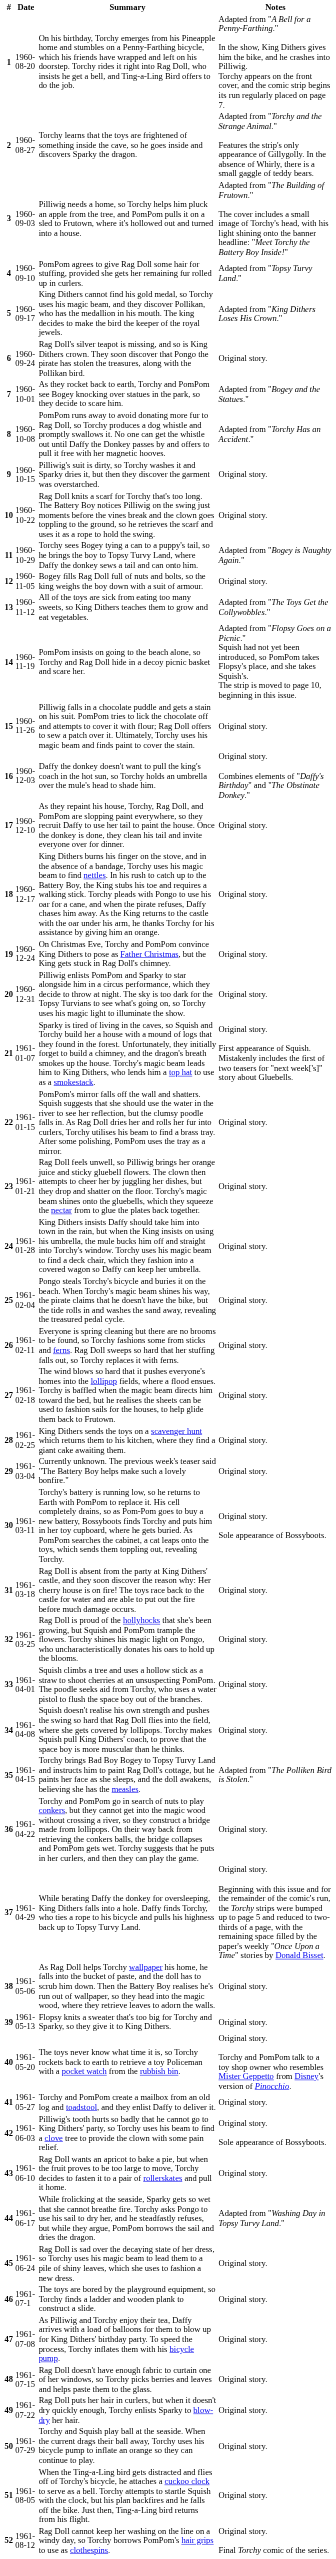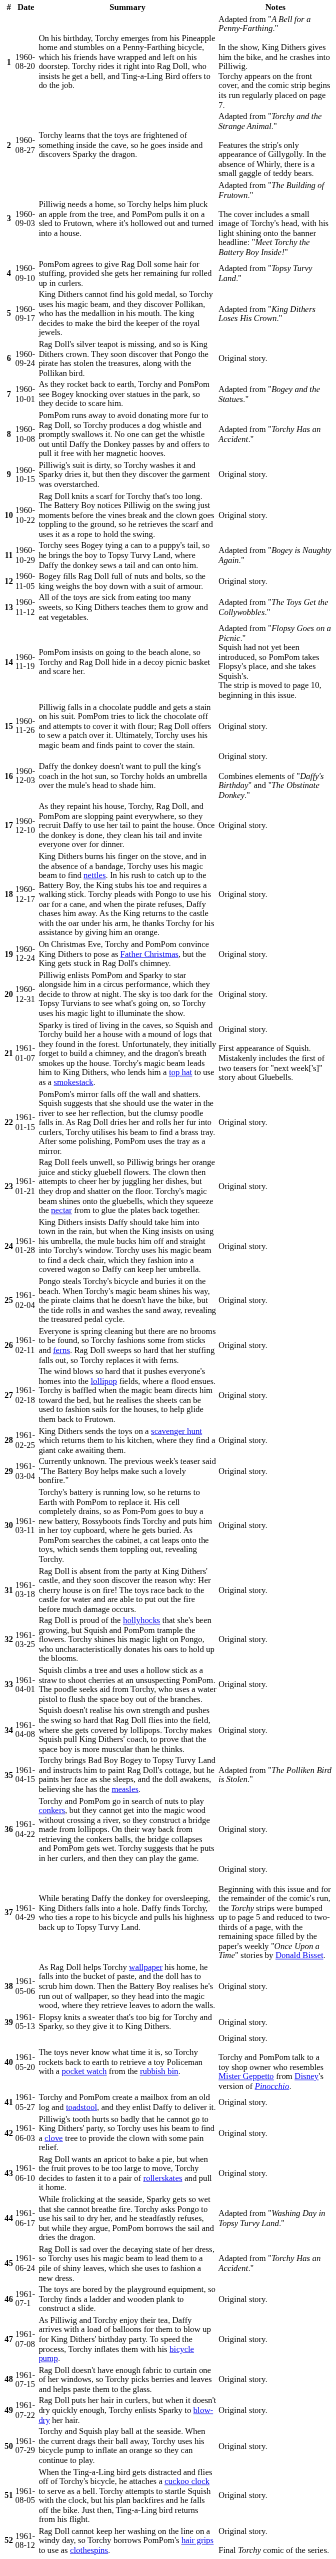 <table>
 <tr>
 <th>#</th>
 <th>Date</th>
 <th>Summary</th>
 <th>Notes</th>
 </tr>
 <tr>
 <th>1</th>
 <td>1960-08-20</td>
 <td>On his birthday, Torchy emerges from his Pineapple home and stumbles on a Penny-Farthing bicycle, which his friends have wrapped and left on his doorstep. Torchy rides it right into Rag Doll, who insists he get a bell, and Ting-a-Ling Bird offers to do the job.</td>
 <td>Adapted from "<em>A Bell for a Penny-Farthing</em>." <br><br>In the show, King Dithers gives him the bike, and he crashes into Pilliwig.<br> Torchy appears on the front cover, and the comic strip begins its run regularly placed on page 7.</td>
 </tr>
 <tr>
 <th>2</th>
 <td>1960-08-27</td>
 <td>Torchy learns that the toys are frightened of something inside the cave, so he goes inside and discovers Sparky the dragon.</td>
 <td>Adapted from "<em>Torchy and the Strange Animal</em>." <br><br>Features the strip's only appearance of Gillygolly.  In the absence of Whirly, there is a small gaggle of teddy bears.</td>
 </tr>
 <tr>
 <th>3</th>
 <td>1960-09-03</td>
 <td>Pilliwig needs a home, so Torchy helps him pluck an apple from the tree, and PomPom pulls it on a sled to Frutown, where it's hollowed out and turned into a house.</td>
 <td>Adapted from "<em>The Building of Frutown</em>."<br><br>The cover includes a small image of Torchy's head, with his light shining onto the banner headline: "<em>Meet Torchy the Battery Boy Inside!</em>"</td>
 </tr>
 <tr>
 <th>4</th>
 <td>1960-09-10</td>
 <td>PomPom agrees to give Rag Doll some hair for stuffing, provided she gets her remaining fur rolled up in curlers.</td>
 <td>Adapted from "<em>Topsy Turvy Land</em>."</td>
 </tr>
 <tr>
 <th>5</th>
 <td>1960-09-17</td>
 <td>King Dithers cannot find his gold medal, so Torchy uses his magic beam, and they discover Pollikan, who has the medallion in his mouth. The king decides to make the bird the keeper of the royal jewels.</td>
 <td>Adapted from "<em>King Dithers Loses His Crown</em>."</td>
 </tr>
 <tr>
 <th>6</th>
 <td>1960-09-24</td>
 <td>Rag Doll's silver teapot is missing, and so is King Dithers crown. They soon discover that Pongo the pirate has stolen the treasures, along with the Pollikan bird.</td>
 <td>Original story.</td>
 </tr>
 <tr>
 <th>7</th>
 <td>1960-10-01</td>
 <td>As they rocket back to earth, Torchy and PomPom see Bogey knocking over statues in the park, so they decide to scare him.</td>
 <td>Adapted from "<em>Bogey and the Statues</em>."</td>
 </tr>
 <tr>
 <th>8</th>
 <td>1960-10-08</td>
 <td>PomPom runs away to avoid donating more fur to Rag Doll, so Torchy produces a dog whistle and promptly swallows it. No one can get the whistle out until Daffy the Donkey passes by and offers to pull it free with her magnetic hooves.</td>
 <td>Adapted from "<em>Torchy Has an Accident</em>."</td>
 </tr>
 <tr>
 <th>9</th>
 <td>1960-10-15</td>
 <td>Pilliwig's suit is dirty, so Torchy washes it and Sparky dries it, but then they discover the garment was overstarched.</td>
 <td>Original story.</td>
 </tr>
 <tr>
 <th>10</th>
 <td>1960-10-22</td>
 <td>Rag Doll knits a scarf for Torchy that's too long. The Battery Boy notices Pilliwig on the swing just moments before the vines break and the clown goes toppling to the ground, so he retrieves the scarf and uses it as a rope to hold the swing.</td>
 <td>Original story.</td>
 </tr>
 <tr>
 <th>11</th>
 <td>1960-10-29</td>
 <td>Torchy sees Bogey tying a can to a puppy's tail, so he brings the boy to Topsy Turvy Land, where Daffy the donkey sews a tail and can onto him.</td>
 <td>Adapted from "<em>Bogey is Naughty Again</em>."</td>
 </tr>
 <tr>
 <th>12</th>
 <td>1960-11-05</td>
 <td>Bogey fills Rag Doll full of nuts and bolts, so the king weighs the boy down with a suit of armour.</td>
 <td>Original story.</td>
 </tr>
 <tr>
 <th>13</th>
 <td>1960-11-12</td>
 <td>All of the toys are sick from eating too many sweets, so King Dithers teaches them to grow and eat vegetables.</td>
 <td>Adapted from "<em>The Toys Get the Collywobbles</em>."</td>
 </tr>
 <tr>
 <th>14</th>
 <td>1960-11-19</td>
 <td>PomPom insists on going to the beach alone, so Torchy and Rag Doll hide in a decoy picnic basket and scare her.</td>
 <td>Adapted from "<em>Flopsy Goes on a Picnic</em>."<br>Squish had not yet been introduced, so PomPom takes Flopsy's place, and she takes Squish's.<br> The strip is moved to page 10, beginning in this issue.</td>
 </tr>
 <tr>
 <th>15</th>
 <td>1960-11-26</td>
 <td>Pilliwig falls in a chocolate puddle and gets a stain on his suit. PomPom tries to lick the chocolate off and attempts to cover it with flour; Rag Doll offers to sew a patch over it. Ultimately, Torchy uses his magic beam and finds paint to cover the stain.</td>
 <td>Original story.</td>
 </tr>
 <tr>
 <th>16</th>
 <td>1960-12-03</td>
 <td>Daffy the donkey doesn't want to pull the king's coach in the hot sun, so Torchy holds an umbrella over the mule's head to shade him.</td>
 <td>Original story.<br><br>Combines elements of "<em>Daffy's Birthday</em>" and "<em>The Obstinate Donkey</em>."</td>
 </tr>
 <tr>
 <th>17</th>
 <td>1960-12-10</td>
 <td>As they repaint his house, Torchy, Rag Doll, and PomPom are slopping paint everywhere, so they recruit Daffy to use her tail to paint the house. Once the donkey is done, they clean his tail and invite everyone over for dinner.</td>
 <td>Original story.</td>
 </tr>
 <tr>
 <th>18</th>
 <td>1960-12-17</td>
 <td>King Dithers burns his finger on the stove, and in the absence of a bandage, Torchy uses his magic beam to find <a href='#'>nettles</a>. In his rush to catch up to the Battery Boy, the King stubs his toe and requires a walking stick. Torchy pleads with Pongo to use his oar for a cane, and when the pirate refuses, Daffy chases him away. As the King returns to the castle with the oar under his arm, he thanks Torchy for his assistance by giving him an orange.</td>
 <td>Original story.</td>
 </tr>
 <tr>
 <th>19</th>
 <td>1960-12-24</td>
 <td>On Christmas Eve, Torchy and PomPom convince King Dithers to pose as <a href='#'>Father Christmas</a>, but the King gets stuck in Rag Doll's chimney.</td>
 <td>Original story.</td>
 </tr>
 <tr>
 <th>20</th>
 <td>1960-12-31</td>
 <td>Pilliwig enlists PomPom and Sparky to star alongside him in a circus performance, which they decide to throw at night. The sky is too dark for the Topsy Turvians to see what's going on, so Torchy uses his magic light to illuminate the show.</td>
 <td>Original story.</td>
 </tr>
 <tr>
 <th>21</th>
 <td>1961-01-07</td>
 <td>Sparky is tired of living in the caves, so Squish and Torchy build her a house with a mound of logs that they found in the forest. Unfortunately, they initially forget to build a chimney, and the dragon's breath smokes up the house. Torchy's magic beam leads him to King Dithers, who lends him a <a href='#'>top hat</a> to use as a <a href='#'>smokestack</a>.</td>
 <td>Original story.<br><br>First appearance of Squish.<br> Mistakenly includes the first of two teasers for "next week['s]" story about Gluebells.</td>
 </tr>
 <tr>
 <th>22</th>
 <td>1961-01-15</td>
 <td>PomPom's mirror falls off the wall and shatters. Squish suggests that she should use the water in the river to see her reflection, but the clumsy poodle falls in. As Rag Doll dries her and rolls her fur into curlers, Torchy utilises his beam to find a brass tray. After some polishing, PomPom uses the tray as a mirror.</td>
 <td>Original story.</td>
 </tr>
 <tr>
 <th>23</th>
 <td>1961-01-21</td>
 <td>Rag Doll feels unwell, so Pilliwig brings her orange juice and sticky gluebell flowers. The clown then attempts to cheer her by juggling her dishes, but they drop and shatter on the floor. Torchy's magic beam shines onto the gluebells, which they squeeze the <a href='#'>nectar</a> from to glue the plates back together.</td>
 <td>Original story.</td>
 </tr>
 <tr>
 <th>24</th>
 <td>1961-01-28</td>
 <td>King Dithers insists Daffy should take him into town in the rain, but when the King insists on using his umbrella, the mule bucks him off and straight into Torchy's window. Torchy uses his magic beam to find a deck chair, which they fashion into a covered wagon so Daffy can keep her umbrella.</td>
 <td>Original story.</td>
 </tr>
 <tr>
 <th>25</th>
 <td>1961-02-04</td>
 <td>Pongo steals Torchy's bicycle and buries it on the beach. When Torchy's magic beam shines his way, the pirate claims that he doesn't have the bike, but the tide rolls in and washes the sand away, revealing the treasured pedal cycle.</td>
 <td>Original story.</td>
 </tr>
 <tr>
 <th>26</th>
 <td>1961-02-11</td>
 <td>Everyone is spring cleaning but there are no brooms to be found, so Torchy fashions some from sticks and <a href='#'>ferns</a>. Rag Doll sweeps so hard that her stuffing falls out, so Torchy replaces it with ferns.</td>
 <td>Original story.</td>
 </tr>
 <tr>
 <th>27</th>
 <td>1961-02-18</td>
 <td>The wind blows so hard that it pushes everyone's homes into the <a href='#'>lollipop</a> fields, where a flood ensues. Torchy is baffled when the magic beam directs him toward the bed, but he realises the sheets can be used to fashion sails for the houses, to help glide them back to Frutown.</td>
 <td>Original story.</td>
 </tr>
 <tr>
 <th>28</th>
 <td>1961-02-25</td>
 <td>King Dithers sends the toys on a <a href='#'>scavenger hunt</a> which returns them to his kitchen, where they find a giant cake awaiting them.</td>
 <td>Original story.</td>
 </tr>
 <tr>
 <th>29</th>
 <td>1961-03-04</td>
 <td>Currently unknown. The previous week's teaser said "The Battery Boy helps make such a lovely bonfire."</td>
 <td>Original story.</td>
 </tr>
 <tr>
 <th>30</th>
 <td>1961-03-11</td>
 <td>Torchy's battery is running low, so he returns to Earth with PomPom to replace it. His cell completely drains, so as Pom-Pom goes to buy a new battery, Bossyboots finds Torchy and puts him in her toy cupboard, where he gets buried. As PomPom searches the cabinet, a cat leaps onto the toys, which sends them toppling out, revealing Torchy.</td>
-<td>Original story.<br><br>Sole appearance of Bossyboots.</td>
+<td>Original story.</td>
 </tr>
 <tr>
 <th>31</th>
 <td>1961-03-18</td>
 <td>Rag Doll is absent from the party at King Dithers' castle, and they soon discover the reason why: Her cherry house is on fire! The toys race back to the castle for water and are able to put out the fire before much damage occurs.</td>
 <td>Original story.</td>
 </tr>
 <tr>
 <th>32</th>
 <td>1961-03-25</td>
 <td>Rag Doll is proud of the <a href='#'>hollyhocks</a> that she's been growing, but Squish and PomPom trample the flowers. Torchy shines his magic light on Pongo, who uncharacteristically donates his oars to hold up the blooms.</td>
 <td>Original story.</td>
 </tr>
 <tr>
 <th>33</th>
 <td>1961-04-01</td>
 <td>Squish climbs a tree and uses a hollow stick as a straw to shoot cherries at an unsuspecting PomPom. The poodle seeks aid from Torchy, who uses a water pistol to flush the space boy out of the branches.</td>
 <td>Original story.</td>
 </tr>
 <tr>
 <th>34</th>
 <td>1961-04-08</td>
 <td>Squish doesn't realise his own strength and pushes the swing so hard that Rag Doll flies into the field, where she gets covered by lollipops. Torchy makes Squish pull King Dithers' coach, to prove that the space boy is more muscular than he thinks.</td>
 <td>Original story.</td>
 </tr>
 <tr>
 <th>35</th>
 <td>1961-04-15</td>
 <td>Torchy brings Bad Boy Bogey to Topsy Turvy Land and instructs him to paint Rag Doll's cottage, but he paints her face as she sleeps, and the doll awakens, believing she has the <a href='#'>measles</a>.</td>
 <td>Adapted from "<em>The Polliken Bird is Stolen</em>."</td>
 </tr>
 <tr>
 <th>36</th>
 <td>1961-04-22</td>
 <td>Torchy and PomPom go in search of nuts to play <a href='#'>conkers</a>, but they cannot get into the magic wood without crossing a river, so they construct a bridge made from lollipops. On their way back from retrieving the conkers balls, the bridge collapses and PomPom gets wet. Torchy suggests that he puts in her curlers, and then they can play the game.</td>
 <td>Original story.</td>
 </tr>
 <tr>
 <th>37</th>
 <td>1961-04-29</td>
 <td>While berating Daffy the donkey for oversleeping, King Dithers falls into a hole. Daffy finds Torchy, who ties a rope to his bicycle and pulls his highness back up to Topsy Turvy Land.</td>
 <td>Original story.<br><br>Beginning with this issue and for the remainder of the comic's run, the <em>Torchy</em> strips were bumped up to page 5 and reduced to two-thirds of a page, with the remaining space filled by the paper's weekly "<em>Once Upon a Time</em>" stories by <a href='#'>Donald Bisset</a>.</td>
 </tr>
 <tr>
 <th>38</th>
 <td>1961-05-06</td>
 <td>As Rag Doll helps Torchy <a href='#'>wallpaper</a> his home, he falls into the bucket of paste, and the doll has to scrub him down. Then the Battery Boy realises he's run out of wallpaper, so they head into the magic wood, where they retrieve leaves to adorn the walls.</td>
 <td>Original story.</td>
 </tr>
 <tr>
 <th>39</th>
 <td>1961-05-13</td>
 <td>Flopsy knits a sweater that's too big for Torchy and Sparky, so they give it to King Dithers.</td>
 <td>Original story.</td>
 </tr>
 <tr>
 <th>40</th>
 <td>1961-05-20</td>
 <td>The toys never know what time it is, so Torchy rockets back to earth to retrieve a toy Policeman with a <a href='#'>pocket watch</a> from the <a href='#'>rubbish bin</a>.</td>
 <td>Original story.<br><br>Torchy and PomPom talk to a toy shop owner who resembles <a href='#'>Mister Geppetto</a> from <a href='#'>Disney</a>'s version of <em><a href='#'>Pinocchio</a></em>.</td>
 </tr>
 <tr>
 <th>41</th>
 <td>1961-05-27</td>
 <td>Torchy and PomPom create a mailbox from an old log and <a href='#'>toadstool</a>, and they enlist Daffy to deliver it.</td>
 <td>Original story.</td>
 </tr>
 <tr>
 <th>42</th>
 <td>1961-06-03</td>
 <td>Pilliwig's tooth hurts so badly that he cannot go to King Dithers' party, so Torchy uses his beam to find a <a href='#'>clove</a> tree to provide the clown with some pain relief.</td>
-<td>Original story.<br><br>Sole appearance of Bossyboots.</td>
+<td>Original story.</td>
 </tr>
 <tr>
 <th>43</th>
 <td>1961-06-10</td>
 <td>Rag Doll wants an apricot to bake a pie, but when the fruit proves to be too large to move, Torchy decides to fasten it to a pair of <a href='#'>rollerskates</a> and pull it home.</td>
 <td>Original story.</td>
 </tr>
 <tr>
 <th>44</th>
 <td>1961-06-17</td>
 <td>While frolicking at the seaside, Sparky gets so wet that she cannot breathe fire. Torchy asks Pongo to use his sail to dry her, and he steadfastly refuses, but while they argue, PomPom borrows the sail and dries the dragon.</td>
 <td>Adapted from "<em>Washing Day in Topsy Turvy Land</em>."</td>
 </tr>
 <tr>
 <th>45</th>
 <td>1961-06-24</td>
 <td>Rag Doll is sad over the decaying state of her dress, so Torchy uses his magic beam to lead them to a pile of shiny leaves, which she uses to fashion a new dress.</td>
-<td>Original story.</td>
+<td>Adapted from "<em>Torchy Has an Accident</em>."</td>
 </tr>
 <tr>
 <th>46</th>
 <td>1961-07-1</td>
 <td>The toys are bored by the playground equipment, so Torchy finds a ladder and wooden plank to construct a slide.</td>
 <td>Original story.</td>
 </tr>
 <tr>
 <th>47</th>
 <td>1961-07-08</td>
 <td>As Pilliwig and Torchy enjoy their tea, Daffy arrives with a load of balloons for them to blow up for King Dithers' birthday party. To speed the process, Torchy inflates them with his <a href='#'>bicycle pump</a>.</td>
 <td>Original story.</td>
 </tr>
 <tr>
 <th>48</th>
 <td>1961-07-15</td>
 <td>Rag Doll doesn't have enough fabric to curtain one of her windows, so Torchy picks berries and leaves and helps paste them to the glass.</td>
 <td>Original story.</td>
 </tr>
 <tr>
 <th>49</th>
 <td>1961-07-22</td>
 <td>Rag Doll puts her hair in curlers, but when it doesn't dry quickly enough, Torchy enlists Sparky to <a href='#'>blow-dry</a> her hair.</td>
 <td>Original story.</td>
 </tr>
 <tr>
 <th>50</th>
 <td>1961-07-29</td>
 <td>Torchy and Squish play ball at the seaside. When the current drags their ball away, Torchy uses his bicycle pump to inflate an orange so they can continue to play.</td>
 <td>Original story.</td>
 </tr>
 <tr>
 <th>51</th>
 <td>1961-08-05</td>
 <td>When the Ting-a-Ling bird gets distracted and flies off of Torchy's bicycle, he attaches a <a href='#'>cuckoo clock</a> to serve as a bell. Torchy attempts to startle Squish with the clock, but his plan backfires and he falls off the bike. Just then, Ting-a-Ling bird returns from his flight.</td>
 <td>Original story.</td>
 </tr>
 <tr>
 <th>52</th>
 <td>1961-08-12</td>
 <td>Rag Doll cannot keep her washing on the line on a windy day, so Torchy borrows PomPom's <a href='#'>hair grips</a> to use as <a href='#'>clothespins</a>.</td>
 <td>Original story.<br><br>Final <em>Torchy</em> comic of the series.</td>
 </tr>
 </table>
